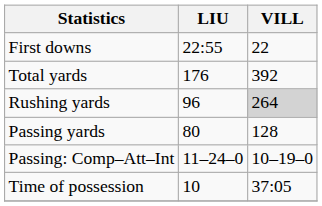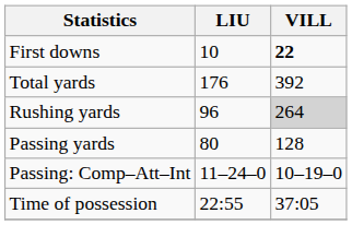 <table class="wikitable" style="float: left;">
 <tr>
 <th>Statistics</th>
 <th>LIU</th>
 <th>VILL</th>
 </tr>
 <tr>
 <td>First downs</td>
-<td>22:55</td>
-<td>22</td>
+<td>10</td>
+<td><strong>22</strong></td>
 </tr>
 <tr>
 <td>Total yards</td>
 <td>176</td>
 <td>392</td>
 </tr>
 <tr>
 <td>Rushing yards</td>
 <td>96</td>
 <td style="background: lightgrey;">264</td>
 </tr>
 <tr>
 <td>Passing yards</td>
 <td>80</td>
 <td>128</td>
 </tr>
 <tr>
 <td>Passing: Comp–Att–Int</td>
 <td>11–24–0</td>
 <td>10–19–0</td>
 </tr>
 <tr>
 <td>Time of possession</td>
-<td>10</td>
+<td>22:55</td>
 <td>37:05</td>
 </tr>
 <tr>
 </tr>
 </table>
